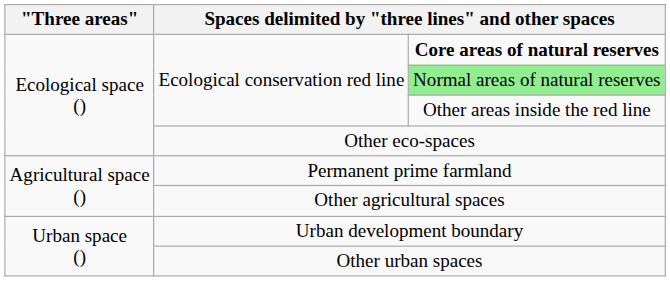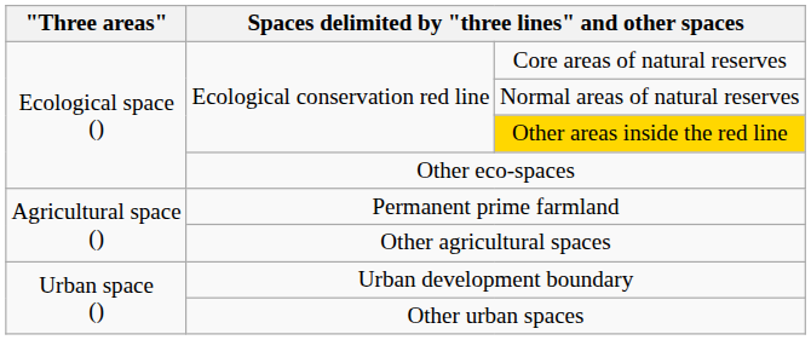 <table class="wikitable" style="text-align: center; margin: auto">
 <tr>
 <th>"Three areas"</th>
 <th colspan="2">Spaces delimited by "three lines" and other spaces</th>
 </tr>
 <tr>
 <td rowspan="4">Ecological space<br>()</td>
 <td rowspan="3">Ecological conservation red line</td>
-<td><strong>Core areas of natural reserves</strong></td>
+<td>Core areas of natural reserves</td>
 </tr>
 <tr>
-<td style="background: lightgreen;">Normal areas of natural reserves</td>
+<td>Normal areas of natural reserves</td>
 </tr>
 <tr>
-<td>Other areas inside the red line</td>
+<td style="background: gold;">Other areas inside the red line</td>
 </tr>
 <tr>
 <td colspan="2">Other eco-spaces</td>
 </tr>
 <tr>
 <td rowspan="2">Agricultural space<br>()</td>
 <td colspan="2">Permanent prime farmland</td>
 </tr>
 <tr>
 <td colspan="2">Other agricultural spaces</td>
 </tr>
 <tr>
 <td rowspan="2">Urban space<br>()</td>
 <td colspan="2">Urban development boundary</td>
 </tr>
 <tr>
 <td colspan="2">Other urban spaces</td>
 </tr>
 </table>
